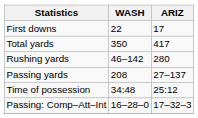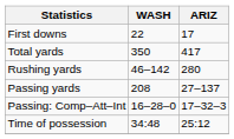 <table class="wikitable" style="float: left;">
 <tr>
 <th>Statistics</th>
 <th>WASH</th>
 <th>ARIZ</th>
 </tr>
 <tr>
 <td>First downs</td>
 <td>22</td>
 <td>17</td>
 </tr>
 <tr>
 <td>Total yards</td>
 <td>350</td>
 <td>417</td>
 </tr>
 <tr>
 <td>Rushing yards</td>
 <td>46–142</td>
 <td>280</td>
 </tr>
 <tr>
 <td>Passing yards</td>
 <td>208</td>
 <td>27–137</td>
 </tr>
 <tr>
+<td>Passing: Comp–Att–Int</td>
+<td>16–28–0</td>
+<td>17–32–3</td>
+</tr>
+<tr>
 <td>Time of possession</td>
 <td>34:48</td>
 <td>25:12</td>
 </tr>
 <tr>
-<td>Passing: Comp–Att–Int</td>
-<td>16–28–0</td>
-<td>17–32–3</td>
-</tr>
-<tr>
 </tr>
 </table>
